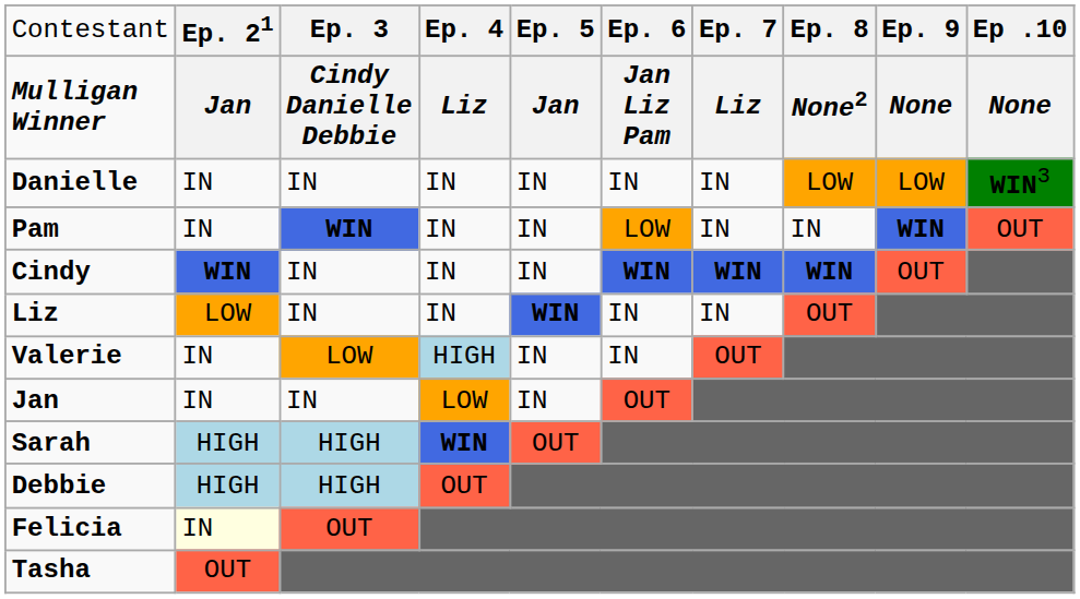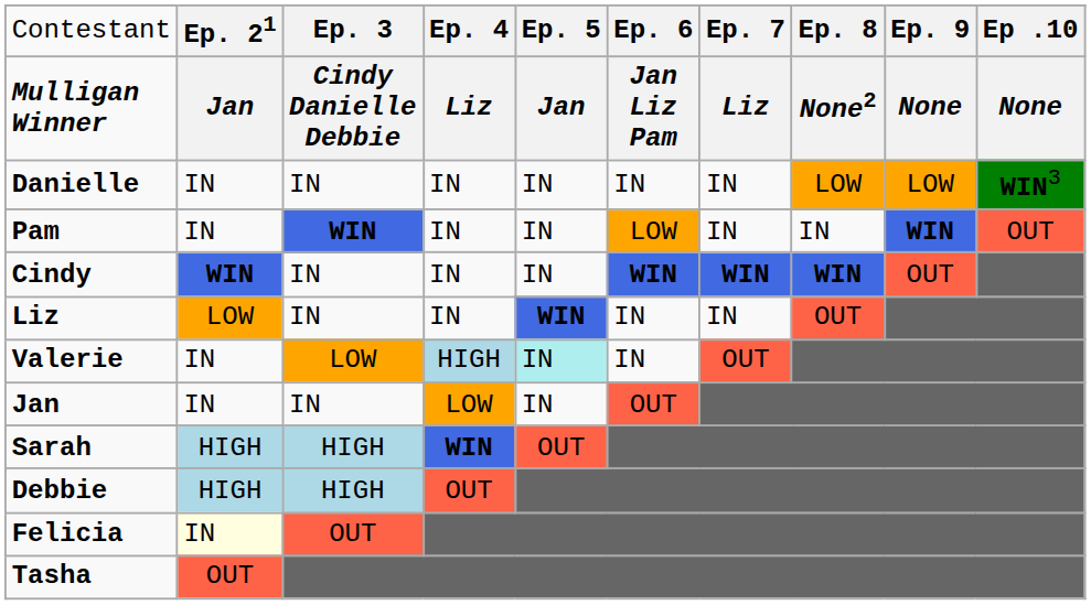 <table class="wikitable">
 <tr>
 <td align="center">Contestant</td>
 <th>Ep. 2<sup>1</sup></th>
 <th>Ep. 3</th>
 <th>Ep. 4</th>
 <th>Ep. 5</th>
 <th>Ep. 6</th>
 <th>Ep. 7</th>
 <th>Ep. 8</th>
 <th>Ep. 9</th>
 <th>Ep .10</th>
 </tr>
 <tr>
 <td><strong><em>Mulligan</em></strong><br><strong><em>Winner</em></strong></td>
 <th><em>Jan</em></th>
 <th><em>Cindy</em><br><em>Danielle</em><br><em>Debbie</em><br></th>
 <th><em>Liz</em></th>
 <th><em>Jan</em></th>
 <th><em>Jan</em><br><em>Liz</em><br><em>Pam</em><br></th>
 <th><em>Liz</em></th>
 <th><em>None</em><sup>2</sup></th>
 <th><em>None</em></th>
 <th><em>None</em></th>
 </tr>
 <tr>
 <td><strong>Danielle</strong></td>
 <td>IN</td>
 <td>IN</td>
 <td>IN</td>
 <td>IN</td>
 <td>IN</td>
 <td>IN</td>
 <td align="center" style="background:orange;">LOW</td>
 <td align="center" style="background:orange;">LOW</td>
 <td align="center" style="background:green;"><strong>WIN</strong><sup>3</sup></td>
 </tr>
 <tr>
 <td><strong>Pam</strong></td>
 <td>IN</td>
 <td align="center" style="background:royalblue;"><strong>WIN</strong></td>
 <td>IN</td>
 <td>IN</td>
 <td align="center" style="background:orange;">LOW</td>
 <td>IN</td>
 <td>IN</td>
 <td align="center" style="background:royalblue;"><strong>WIN</strong></td>
 <td align="center" style="background:tomato;">OUT</td>
 </tr>
 <tr>
 <td><strong>Cindy</strong></td>
 <td align="center" style="background:royalblue;"><strong>WIN</strong></td>
 <td>IN</td>
 <td>IN</td>
 <td>IN</td>
 <td align="center" style="background:royalblue;"><strong>WIN</strong></td>
 <td align="center" style="background:royalblue;"><strong>WIN</strong></td>
 <td align="center" style="background:royalblue;"><strong>WIN</strong></td>
 <td align="center" style="background:tomato;">OUT</td>
 <td colspan="2" style="background:#666666;"></td>
 </tr>
 <tr>
 <td><strong>Liz</strong></td>
 <td align="center" style="background:orange;">LOW</td>
 <td>IN</td>
 <td>IN</td>
 <td align="center" style="background:royalblue;"><strong>WIN</strong></td>
 <td>IN</td>
 <td>IN</td>
 <td align="center" style="background:tomato;">OUT</td>
 <td colspan="3" style="background:#666666;"></td>
 </tr>
 <tr>
 <td><strong>Valerie</strong></td>
 <td>IN</td>
 <td align="center" style="background:orange;">LOW</td>
 <td align="center" style="background:lightblue;">HIGH</td>
-<td>IN</td>
+<td style="background: paleturquoise;">IN</td>
 <td>IN</td>
 <td align="center" style="background:tomato;">OUT</td>
 <td colspan="4" style="background:#666666;"></td>
 </tr>
 <tr>
 <td><strong>Jan</strong></td>
 <td>IN</td>
 <td>IN</td>
 <td align="center" style="background:orange;">LOW</td>
 <td>IN</td>
 <td align="center" style="background:tomato;">OUT</td>
 <td colspan="5" style="background:#666666;"></td>
 </tr>
 <tr>
 <td><strong>Sarah</strong></td>
 <td align="center" style="background:lightblue;">HIGH</td>
 <td align="center" style="background:lightblue;">HIGH</td>
 <td align="center" style="background:royalblue;"><strong>WIN</strong></td>
 <td align="center" style="background:tomato;">OUT</td>
 <td colspan="5" style="background:#666666;"></td>
 </tr>
 <tr>
 <td><strong>Debbie</strong></td>
 <td align="center" style="background:lightblue;">HIGH</td>
 <td align="center" style="background:lightblue;">HIGH</td>
 <td align="center" style="background:tomato;">OUT</td>
 <td colspan="6" style="background:#666666;"></td>
 </tr>
 <tr>
 <td><strong>Felicia</strong></td>
 <td style="background: lightyellow;">IN</td>
 <td align="center" style="background:tomato;">OUT</td>
 <td colspan="7" style="background:#666666;"></td>
 </tr>
 <tr>
 <td><strong>Tasha</strong></td>
 <td align="center" style="background:tomato;">OUT</td>
 <td colspan="8" style="background:#666666;"></td>
 </tr>
 </table>
